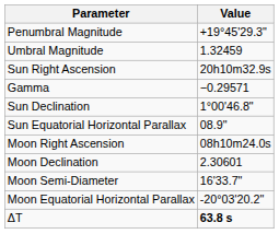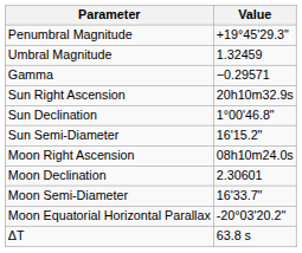 <table class="wikitable">
 <tr>
 <th>Parameter</th>
 <th>Value</th>
 </tr>
 <tr>
 <td>Penumbral Magnitude</td>
 <td>+19°45'29.3"</td>
 </tr>
 <tr>
 <td>Umbral Magnitude</td>
 <td>1.32459</td>
 </tr>
 <tr>
+<td>Gamma</td>
+<td>−0.29571</td>
+</tr>
+<tr>
 <td>Sun Right Ascension</td>
 <td>20h10m32.9s</td>
-</tr>
-<tr>
-<td>Gamma</td>
-<td>−0.29571</td>
 </tr>
 <tr>
 <td>Sun Declination</td>
 <td>1°00'46.8"</td>
 </tr>
 <tr>
-<td>Sun Equatorial Horizontal Parallax</td>
-<td>08.9"</td>
+<td>Sun Semi-Diameter</td>
+<td>16'15.2"</td>
 </tr>
 <tr>
 <td>Moon Right Ascension</td>
 <td>08h10m24.0s</td>
 </tr>
 <tr>
 <td>Moon Declination</td>
 <td>2.30601</td>
 </tr>
 <tr>
 <td>Moon Semi-Diameter</td>
 <td>16'33.7"</td>
 </tr>
 <tr>
 <td>Moon Equatorial Horizontal Parallax</td>
 <td>-20°03'20.2"</td>
 </tr>
 <tr>
 <td>ΔT</td>
-<td><strong>63.8 s</strong></td>
+<td>63.8 s</td>
 </tr>
 </table>
